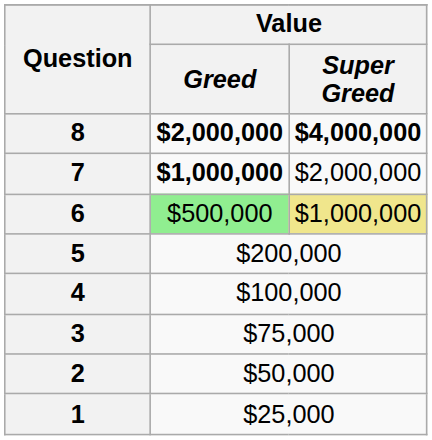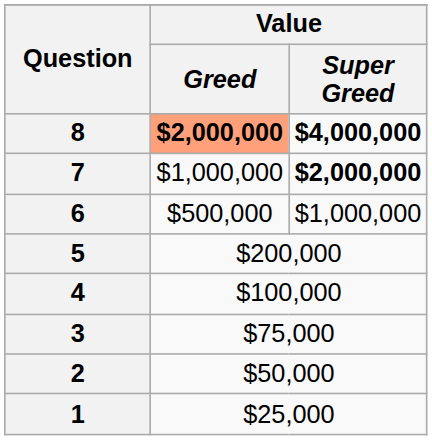 <table class="wikitable" style="text-align: center">
 <tr>
 </tr>
 <tr>
 <th rowspan="2" style="width:85px" scope="col">Question</th>
 <th colspan="2" style="width:100px" scope="col">Value</th>
 </tr>
 <tr>
 <th style="width:50px" scope="col"><em>Greed</em></th>
 <th style="width:50px" scope="col"><em>Super Greed</em></th>
 </tr>
 <tr>
 <th scope="row"><strong>8</strong></th>
-<td><strong>$2,000,000</strong></td>
+<td style="background: lightsalmon;"><strong>$2,000,000</strong></td>
 <td><strong>$4,000,000</strong></td>
 </tr>
 <tr>
 <th scope="row">7</th>
-<td><strong>$1,000,000</strong></td>
-<td>$2,000,000</td>
+<td>$1,000,000</td>
+<td><strong>$2,000,000</strong></td>
 </tr>
 <tr>
 <th scope="row">6</th>
-<td style="background: lightgreen;">$500,000</td>
-<td style="background: khaki;">$1,000,000</td>
+<td>$500,000</td>
+<td>$1,000,000</td>
 </tr>
 <tr>
 <th scope="row">5</th>
 <td colspan="2">$200,000</td>
 </tr>
 <tr>
 <th scope="row">4</th>
 <td colspan="2">$100,000</td>
 </tr>
 <tr>
 <th scope="row">3</th>
 <td colspan="2">$75,000</td>
 </tr>
 <tr>
 <th scope="row">2</th>
 <td colspan="2">$50,000</td>
 </tr>
 <tr>
 <th scope="row">1</th>
 <td colspan="2">$25,000</td>
 </tr>
 </table>
